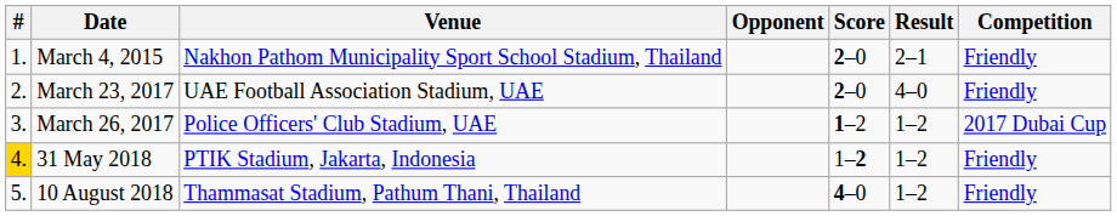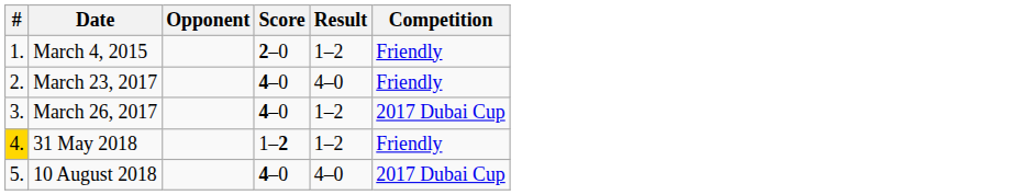 <table class="wikitable">
 <tr>
 <th>#</th>
 <th>Date</th>
-<th>Venue</th>
 <th>Opponent</th>
 <th>Score</th>
 <th>Result</th>
 <th>Competition</th>
 </tr>
 <tr>
 <td>1.</td>
 <td>March 4, 2015</td>
-<td><a href='#'>Nakhon Pathom Municipality Sport School Stadium</a>, <a href='#'>Thailand</a></td>
 <td></td>
 <td><strong>2</strong>–0</td>
-<td>2–1</td>
+<td>1–2</td>
 <td><a href='#'>Friendly</a></td>
 </tr>
 <tr>
 <td>2.</td>
 <td>March 23, 2017</td>
-<td>UAE Football Association Stadium, <a href='#'>UAE</a></td>
 <td></td>
-<td><strong>2</strong>–0</td>
+<td><strong>4</strong>–0</td>
 <td>4–0</td>
 <td><a href='#'>Friendly</a></td>
 </tr>
 <tr>
 <td>3.</td>
 <td>March 26, 2017</td>
-<td><a href='#'>Police Officers' Club Stadium</a>, <a href='#'>UAE</a></td>
 <td></td>
-<td><strong>1</strong>–2</td>
+<td><strong>4</strong>–0</td>
 <td>1–2</td>
 <td><a href='#'>2017 Dubai Cup</a></td>
 </tr>
 <tr>
 <td style="background: gold;">4.</td>
 <td>31 May 2018</td>
-<td><a href='#'>PTIK Stadium</a>, <a href='#'>Jakarta</a>, <a href='#'>Indonesia</a></td>
 <td></td>
 <td>1–<strong>2</strong></td>
 <td>1–2</td>
 <td><a href='#'>Friendly</a></td>
 </tr>
 <tr>
 <td>5.</td>
 <td>10 August 2018</td>
-<td><a href='#'>Thammasat Stadium</a>, <a href='#'>Pathum Thani</a>, <a href='#'>Thailand</a></td>
 <td></td>
 <td><strong>4</strong>–0</td>
-<td>1–2</td>
-<td><a href='#'>Friendly</a></td>
+<td>4–0</td>
+<td><a href='#'>2017 Dubai Cup</a></td>
 </tr>
 </table>
